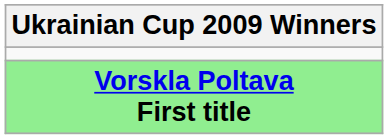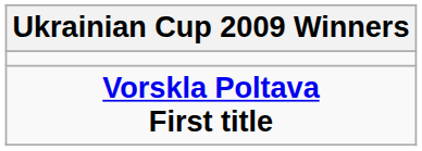 <table class="wikitable" style="text-align: center; margin: 0 auto;">
 <tr>
 <th>Ukrainian Cup 2009 Winners</th>
 </tr>
 <tr>
 <td></td>
 </tr>
 <tr>
-<td style="background: lightgreen;"><strong><a href='#'>Vorskla Poltava</a></strong><br><strong>First title</strong></td>
+<td><strong><a href='#'>Vorskla Poltava</a></strong><br><strong>First title</strong></td>
 </tr>
 </table>
